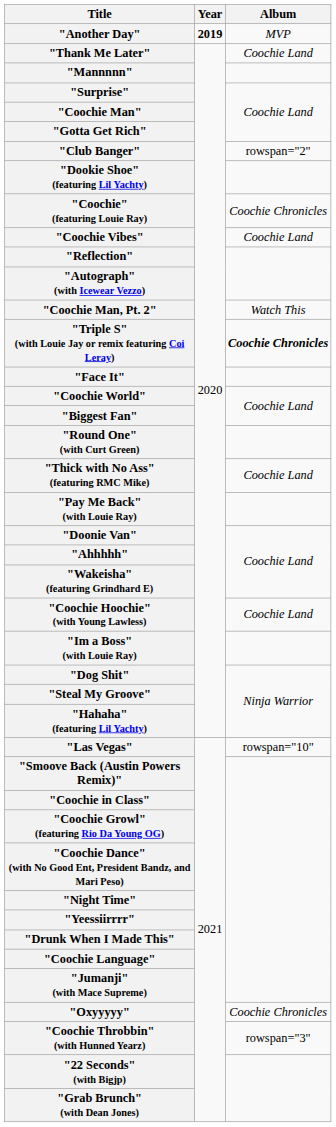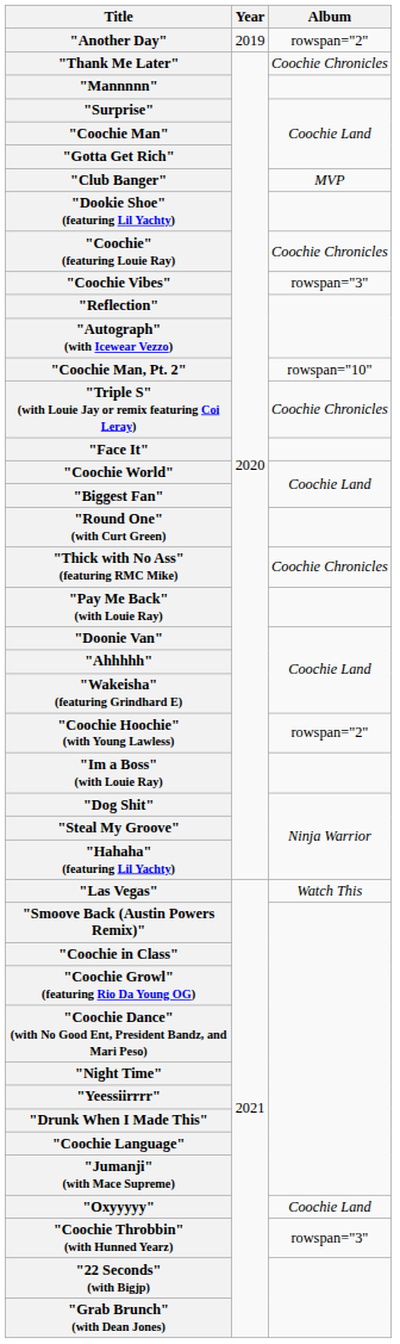 <table class="wikitable plainrowheaders" style="text-align:center;">
 <tr>
 <th scope="col" style="width:15em;">Title</th>
 <th scope="col">Year</th>
 <th scope="col">Album</th>
 </tr>
 <tr>
 <th scope="row">"Another Day"</th>
-<td><strong>2019</strong></td>
-<td><em>MVP</em></td>
+<td>2019</td>
+<td>rowspan="2" </td>
 </tr>
 <tr>
 <th scope="row">"Thank Me Later"</th>
 <td rowspan="27">2020</td>
-<td><em>Coochie Land</em></td>
+<td><em>Coochie Chronicles</em></td>
 </tr>
 <tr>
 <th scope="row">"Mannnnn"</th>
 <td></td>
 </tr>
 <tr>
 <th scope="row">"Surprise"</th>
 <td rowspan="3"><em>Coochie Land</em></td>
 </tr>
 <tr>
 <th scope="row">"Coochie Man"</th>
 </tr>
 <tr>
 <th scope="row">"Gotta Get Rich"</th>
 </tr>
 <tr>
 <th scope="row">"Club Banger"</th>
-<td>rowspan="2" </td>
+<td><em>MVP</em></td>
 </tr>
 <tr>
 <th scope="row">"Dookie Shoe"<br><small>(featuring <a href='#'>Lil Yachty</a>)</small></th>
 </tr>
 <tr>
 <th scope="row">"Coochie"<br><small>(featuring Louie Ray)</small></th>
 <td><em>Coochie Chronicles</em></td>
 </tr>
 <tr>
 <th scope="row">"Coochie Vibes"</th>
-<td><em>Coochie Land</em></td>
+<td>rowspan="3" </td>
 </tr>
 <tr>
 <th scope="row">"Reflection"</th>
 </tr>
 <tr>
 <th scope="row">"Autograph"<br><small>(with <a href='#'>Icewear Vezzo</a>)</small></th>
 </tr>
 <tr>
 <th scope="row">"Coochie Man, Pt. 2"</th>
-<td><em>Watch This</em></td>
+<td>rowspan="10" </td>
 </tr>
 <tr>
 <th scope="row">"Triple S"<br><small>(with Louie Jay or remix featuring <a href='#'>Coi Leray</a>)</small></th>
-<td><strong><em>Coochie Chronicles</em></strong></td>
+<td><em>Coochie Chronicles</em></td>
 </tr>
 <tr>
 <th scope="row">"Face It"</th>
 <td></td>
 </tr>
 <tr>
 <th scope="row">"Coochie World"</th>
 <td rowspan="2"><em>Coochie Land</em></td>
 </tr>
 <tr>
 <th scope="row">"Biggest Fan"</th>
 </tr>
 <tr>
 <th scope="row">"Round One"<br><small>(with Curt Green)</small></th>
 <td></td>
 </tr>
 <tr>
 <th scope="row">"Thick with No Ass"<br><small>(featuring RMC Mike)</small></th>
-<td><em>Coochie Land</em></td>
+<td><em>Coochie Chronicles</em></td>
 </tr>
 <tr>
 <th scope="row">"Pay Me Back"<br><small>(with Louie Ray)</small></th>
 <td></td>
 </tr>
 <tr>
 <th scope="row">"Doonie Van"</th>
 <td rowspan="3"><em>Coochie Land</em></td>
 </tr>
 <tr>
 <th scope="row">"Ahhhhh"</th>
 </tr>
 <tr>
 <th scope="row">"Wakeisha"<br><small>(featuring Grindhard E)</small></th>
 </tr>
 <tr>
 <th scope="row">"Coochie Hoochie"<br><small>(with Young Lawless)</small></th>
-<td><em>Coochie Land</em></td>
+<td>rowspan="2" </td>
 </tr>
 <tr>
 <th scope="row">"Im a Boss"<br><small>(with Louie Ray)</small></th>
 </tr>
 <tr>
 <th scope="row">"Dog Shit"</th>
 <td rowspan="3"><em>Ninja Warrior</em></td>
 </tr>
 <tr>
 <th scope="row">"Steal My Groove"</th>
 </tr>
 <tr>
 <th scope="row">"Hahaha"<br><small>(featuring <a href='#'>Lil Yachty</a>)</small></th>
 </tr>
 <tr>
 <th scope="row">"Las Vegas"</th>
 <td rowspan="15">2021</td>
-<td>rowspan="10" </td>
+<td><em>Watch This</em></td>
 </tr>
 <tr>
 <th scope="row">"Smoove Back (Austin Powers Remix)"</th>
 </tr>
 <tr>
 <th scope="row">"Coochie in Class"</th>
 </tr>
 <tr>
 <th scope="row">"Coochie Growl"<br><small>(featuring <a href='#'>Rio Da Young OG</a>)</small></th>
 </tr>
 <tr>
 <th scope="row">"Coochie Dance"<br><small>(with No Good Ent, President Bandz, and Mari Peso)</small></th>
 </tr>
 <tr>
 <th scope="row">"Night Time"</th>
 </tr>
 <tr>
 <th scope="row">"Yeessiirrrr"</th>
 </tr>
 <tr>
 <th scope="row">"Drunk When I Made This"</th>
 </tr>
 <tr>
 <th scope="row">"Coochie Language"</th>
 </tr>
 <tr>
 <th scope="row">"Jumanji"<br><small>(with Mace Supreme)</small></th>
 </tr>
 <tr>
 <th scope="row">"Oxyyyyy"</th>
-<td><em>Coochie Chronicles</em></td>
+<td><em>Coochie Land</em></td>
 </tr>
 <tr>
 <th scope="row">"Coochie Throbbin"<br><small>(with Hunned Yearz)</small></th>
 <td>rowspan="3" </td>
 </tr>
 <tr>
 <th scope="row">"22 Seconds"<br><small>(with Bigjp)</small></th>
 </tr>
 <tr>
 <th scope="row">"Grab Brunch"<br><small>(with Dean Jones)</small></th>
 </tr>
 </table>
